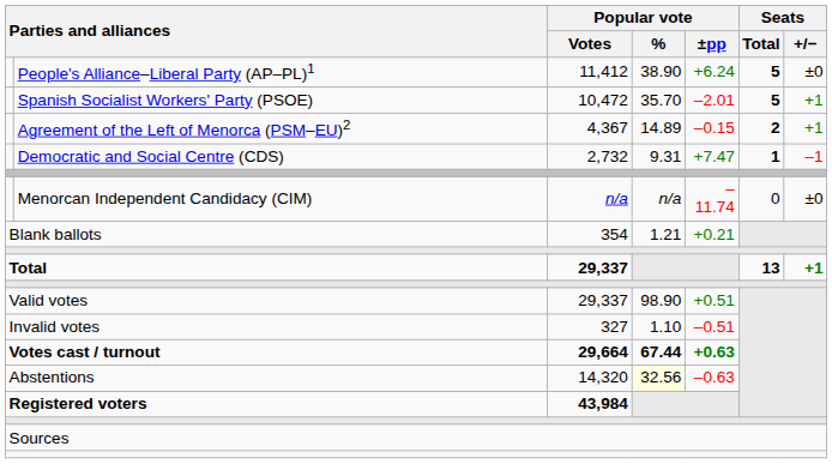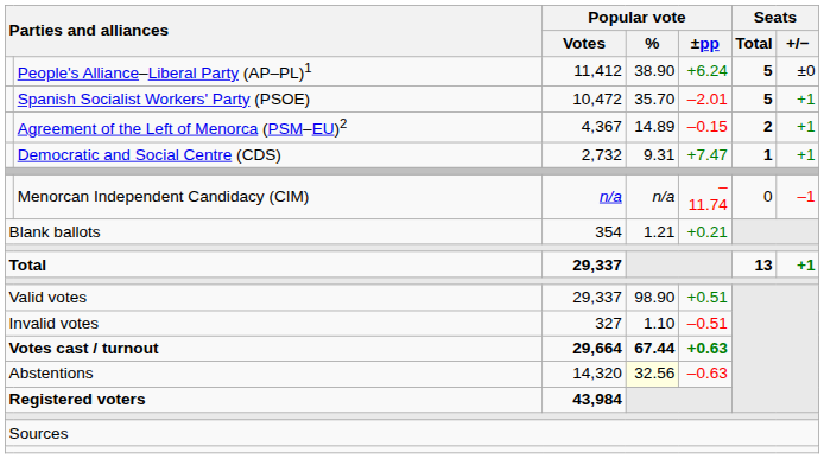 <table class="wikitable" style="text-align:right;">
 <tr>
 <th style="text-align:left;" rowspan="2" colspan="2" width="525">Parties and alliances</th>
 <th colspan="3">Popular vote</th>
 <th colspan="2">Seats</th>
 </tr>
 <tr>
 <th width="75">Votes</th>
 <th width="45">%</th>
 <th width="45">±<a href='#'>pp</a></th>
 <th width="35">Total</th>
 <th width="35">+/−</th>
 </tr>
 <tr>
 <td width="1" style="color:inherit;background:"></td>
 <td align="left"><a href='#'>People's Alliance</a>–<a href='#'>Liberal Party</a> (AP–PL)<sup>1</sup></td>
 <td>11,412</td>
 <td>38.90</td>
 <td style="color:green;">+6.24</td>
 <td><strong>5</strong></td>
 <td>±0</td>
 </tr>
 <tr>
 <td style="color:inherit;background:"></td>
 <td align="left"><a href='#'>Spanish Socialist Workers' Party</a> (PSOE)</td>
 <td>10,472</td>
 <td>35.70</td>
 <td style="color:red;">–2.01</td>
 <td><strong>5</strong></td>
 <td style="color:green;">+1</td>
 </tr>
 <tr>
 <td style="color:inherit;background:"></td>
 <td align="left"><a href='#'>Agreement of the Left of Menorca</a> (<a href='#'>PSM</a>–<a href='#'>EU</a>)<sup>2</sup></td>
 <td>4,367</td>
 <td>14.89</td>
 <td style="color:red;">–0.15</td>
 <td><strong>2</strong></td>
 <td style="color:green;">+1</td>
 </tr>
 <tr>
 <td style="color:inherit;background:"></td>
 <td align="left"><a href='#'>Democratic and Social Centre</a> (CDS)</td>
 <td>2,732</td>
 <td>9.31</td>
 <td style="color:green;">+7.47</td>
 <td><strong>1</strong></td>
-<td style="color:red;">–1</td>
+<td style="color:green;">+1</td>
 </tr>
 <tr>
 <td colspan="7" bgcolor="#C0C0C0"></td>
 </tr>
 <tr>
 <td style="color:inherit;background:"></td>
 <td align="left">Menorcan Independent Candidacy (CIM)</td>
 <td><em><a href='#'>n/a</a></em></td>
 <td><em>n/a</em></td>
 <td style="color:red;">–11.74</td>
 <td>0</td>
-<td>±0</td>
+<td style="color:red;">–1</td>
 </tr>
 <tr>
 <td align="left" colspan="2">Blank ballots</td>
 <td>354</td>
 <td>1.21</td>
 <td style="color:green;">+0.21</td>
 <td bgcolor="#E9E9E9" colspan="2"></td>
 </tr>
 <tr>
 <td colspan="7" bgcolor="#E9E9E9"></td>
 </tr>
 <tr style="font-weight:bold;">
 <td align="left" colspan="2">Total</td>
 <td>29,337</td>
 <td bgcolor="#E9E9E9" colspan="2"></td>
 <td>13</td>
 <td style="color:green;">+1</td>
 </tr>
 <tr>
 <td colspan="7" bgcolor="#E9E9E9"></td>
 </tr>
 <tr>
 <td align="left" colspan="2">Valid votes</td>
 <td>29,337</td>
 <td>98.90</td>
 <td style="color:green;">+0.51</td>
 <td bgcolor="#E9E9E9" colspan="2" rowspan="5"></td>
 </tr>
 <tr>
 <td align="left" colspan="2">Invalid votes</td>
 <td>327</td>
 <td>1.10</td>
 <td style="color:red;">–0.51</td>
 </tr>
 <tr style="font-weight:bold;">
 <td align="left" colspan="2">Votes cast / turnout</td>
 <td>29,664</td>
 <td>67.44</td>
 <td style="color:green;">+0.63</td>
 </tr>
 <tr>
 <td align="left" colspan="2">Abstentions</td>
 <td>14,320</td>
 <td style="background: lightyellow;">32.56</td>
 <td style="color:red;">–0.63</td>
 </tr>
 <tr style="font-weight:bold;">
 <td align="left" colspan="2">Registered voters</td>
 <td>43,984</td>
 <td bgcolor="#E9E9E9" colspan="2"></td>
 </tr>
 <tr>
 <td colspan="7" bgcolor="#E9E9E9"></td>
 </tr>
 <tr>
 <td align="left" colspan="7">Sources</td>
 </tr>
 <tr>
 <td colspan="7" style="text-align:left; max-width:790px;"></td>
 </tr>
 </table>
